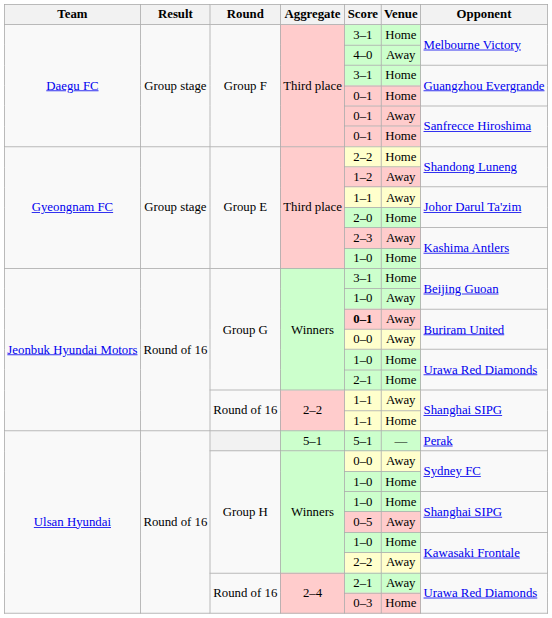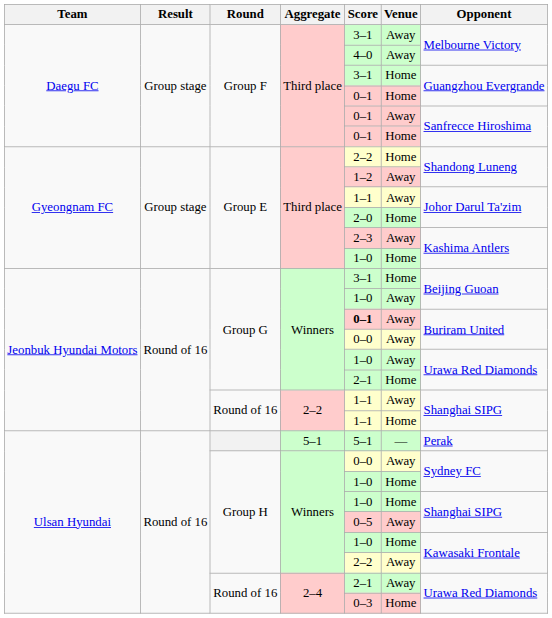 <table class="wikitable" style="text-align:center;">
 <tr>
 <th>Team</th>
 <th>Result</th>
 <th>Round</th>
 <th>Aggregate</th>
 <th>Score</th>
 <th>Venue</th>
 <th>Opponent</th>
 </tr>
 <tr>
 <td rowspan="6"><a href='#'>Daegu FC</a></td>
 <td rowspan="6">Group stage</td>
 <td rowspan="6">Group F</td>
 <td rowspan="6" bgcolor="#fcc">Third place</td>
 <td bgcolor="#cfc">3–1</td>
-<td bgcolor="#cfc">Home</td>
+<td bgcolor="#cfc">Away</td>
 <td rowspan="2" align="left"> <a href='#'>Melbourne Victory</a></td>
 </tr>
 <tr>
 <td bgcolor="#cfc">4–0</td>
 <td bgcolor="#cfc">Away</td>
 </tr>
 <tr>
 <td bgcolor="#cfc">3–1</td>
 <td bgcolor="#cfc">Home</td>
 <td rowspan="2" align="left"> <a href='#'>Guangzhou Evergrande</a></td>
 </tr>
 <tr>
 <td bgcolor="#fcc">0–1</td>
 <td bgcolor="#fcc">Home</td>
 </tr>
 <tr>
 <td bgcolor="#fcc">0–1</td>
 <td bgcolor="#fcc">Away</td>
 <td rowspan="2" align="left"> <a href='#'>Sanfrecce Hiroshima</a></td>
 </tr>
 <tr>
 <td bgcolor="#fcc">0–1</td>
 <td bgcolor="#fcc">Home</td>
 </tr>
 <tr>
 <td rowspan="6"><a href='#'>Gyeongnam FC</a></td>
 <td rowspan="6">Group stage</td>
 <td rowspan="6">Group E</td>
 <td rowspan="6" bgcolor="#fcc">Third place</td>
 <td bgcolor="#ffc">2–2</td>
 <td bgcolor="#ffc">Home</td>
 <td rowspan="2" align="left"> <a href='#'>Shandong Luneng</a></td>
 </tr>
 <tr>
 <td bgcolor="#fcc">1–2</td>
 <td bgcolor="#fcc">Away</td>
 </tr>
 <tr>
 <td bgcolor="#ffc">1–1</td>
 <td bgcolor="#ffc">Away</td>
 <td rowspan="2" align="left"> <a href='#'>Johor Darul Ta'zim</a></td>
 </tr>
 <tr>
 <td bgcolor="#cfc">2–0</td>
 <td bgcolor="#cfc">Home</td>
 </tr>
 <tr>
 <td bgcolor="#fcc">2–3</td>
 <td bgcolor="#fcc">Away</td>
 <td rowspan="2" align="left"> <a href='#'>Kashima Antlers</a></td>
 </tr>
 <tr>
 <td bgcolor="#cfc">1–0</td>
 <td bgcolor="#cfc">Home</td>
 </tr>
 <tr>
 <td rowspan="8"><a href='#'>Jeonbuk Hyundai Motors</a></td>
 <td rowspan="8">Round of 16</td>
 <td rowspan="6">Group G</td>
 <td rowspan="6" bgcolor="#cfc">Winners</td>
 <td bgcolor="#cfc">3–1</td>
 <td bgcolor="#cfc">Home</td>
 <td rowspan="2" align="left"> <a href='#'>Beijing Guoan</a></td>
 </tr>
 <tr>
 <td bgcolor="#cfc">1–0</td>
 <td bgcolor="#cfc">Away</td>
 </tr>
 <tr>
 <td bgcolor="#fcc"><strong>0–1</strong></td>
 <td bgcolor="#fcc">Away</td>
 <td rowspan="2" align="left"> <a href='#'>Buriram United</a></td>
 </tr>
 <tr>
 <td bgcolor="#ffc">0–0</td>
 <td bgcolor="#ffc">Away</td>
 </tr>
 <tr>
 <td bgcolor="#cfc">1–0</td>
-<td bgcolor="#cfc">Home</td>
+<td bgcolor="#cfc">Away</td>
 <td rowspan="2" align="left"> <a href='#'>Urawa Red Diamonds</a></td>
 </tr>
 <tr>
 <td bgcolor="#cfc">2–1</td>
 <td bgcolor="#cfc">Home</td>
 </tr>
 <tr>
 <td rowspan="2">Round of 16</td>
 <td rowspan="2" bgcolor="#fcc">2–2 </td>
 <td bgcolor="#ffc">1–1</td>
 <td bgcolor="#ffc">Away</td>
 <td rowspan="2" align="left"> <a href='#'>Shanghai SIPG</a></td>
 </tr>
 <tr>
 <td bgcolor="#ffc">1–1 </td>
 <td bgcolor="#ffc">Home</td>
 </tr>
 <tr>
 <td rowspan="9"><a href='#'>Ulsan Hyundai</a></td>
 <td rowspan="9">Round of 16</td>
 <th></th>
 <td bgcolor="#cfc">5–1</td>
 <td bgcolor="#cfc">5–1</td>
 <td bgcolor="#cfc">—</td>
 <td align="left"> <a href='#'>Perak</a></td>
 </tr>
 <tr>
 <td rowspan="6">Group H</td>
 <td rowspan="6" bgcolor="#cfc">Winners</td>
 <td bgcolor="#ffc">0–0</td>
 <td bgcolor="#ffc">Away</td>
 <td rowspan="2" align="left"> <a href='#'>Sydney FC</a></td>
 </tr>
 <tr>
 <td bgcolor="#cfc">1–0</td>
 <td bgcolor="#cfc">Home</td>
 </tr>
 <tr>
 <td bgcolor="#cfc">1–0</td>
 <td bgcolor="#cfc">Home</td>
 <td rowspan="2" align="left"> <a href='#'>Shanghai SIPG</a></td>
 </tr>
 <tr>
 <td bgcolor="#fcc">0–5</td>
 <td bgcolor="#fcc">Away</td>
 </tr>
 <tr>
 <td bgcolor="#cfc">1–0</td>
 <td bgcolor="#cfc">Home</td>
 <td rowspan="2" align="left"> <a href='#'>Kawasaki Frontale</a></td>
 </tr>
 <tr>
 <td bgcolor="#ffc">2–2</td>
 <td bgcolor="#ffc">Away</td>
 </tr>
 <tr>
 <td rowspan="2">Round of 16</td>
 <td rowspan="2" bgcolor="#fcc">2–4</td>
 <td bgcolor="#cfc">2–1</td>
 <td bgcolor="#cfc">Away</td>
 <td rowspan="2" align="left"> <a href='#'>Urawa Red Diamonds</a></td>
 </tr>
 <tr>
 <td bgcolor="#fcc">0–3</td>
 <td bgcolor="#fcc">Home</td>
 </tr>
 </table>
